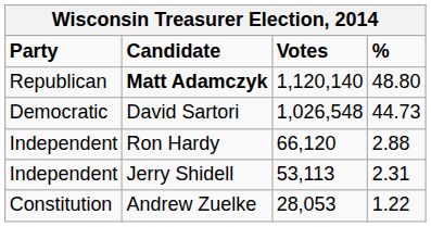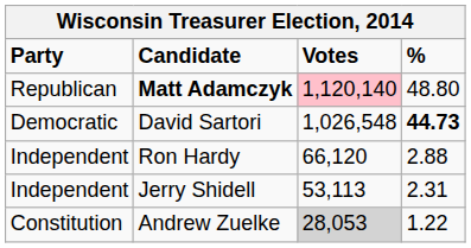 <table class="wikitable">
 <tr>
 <th colspan="4">Wisconsin Treasurer Election, 2014</th>
 </tr>
 <tr>
 <td><strong>Party</strong></td>
 <td><strong>Candidate</strong></td>
 <td><strong>Votes</strong></td>
 <td><strong>%</strong></td>
 </tr>
 <tr>
 <td>Republican</td>
 <td><strong>Matt Adamczyk</strong></td>
-<td>1,120,140</td>
+<td style="background: pink;">1,120,140</td>
 <td>48.80</td>
 </tr>
 <tr>
 <td>Democratic</td>
 <td>David Sartori</td>
 <td>1,026,548</td>
-<td>44.73</td>
+<td><strong>44.73</strong></td>
 </tr>
 <tr>
 <td>Independent</td>
 <td>Ron Hardy</td>
 <td>66,120</td>
 <td>2.88</td>
 </tr>
 <tr>
 <td>Independent</td>
 <td>Jerry Shidell</td>
 <td>53,113</td>
 <td>2.31</td>
 </tr>
 <tr>
 <td>Constitution</td>
 <td>Andrew Zuelke</td>
-<td>28,053</td>
+<td style="background: lightgrey;">28,053</td>
 <td>1.22</td>
 </tr>
 </table>
